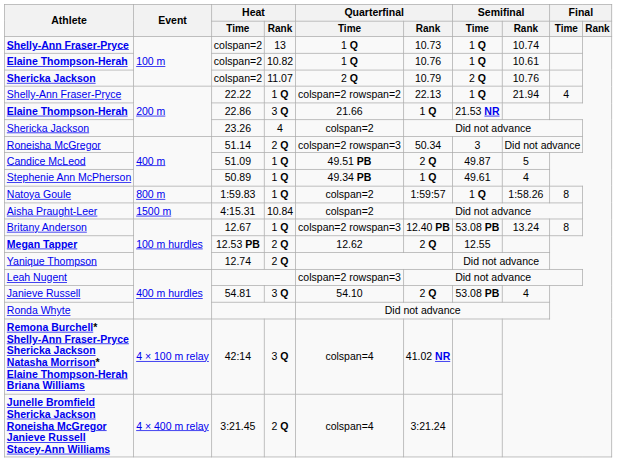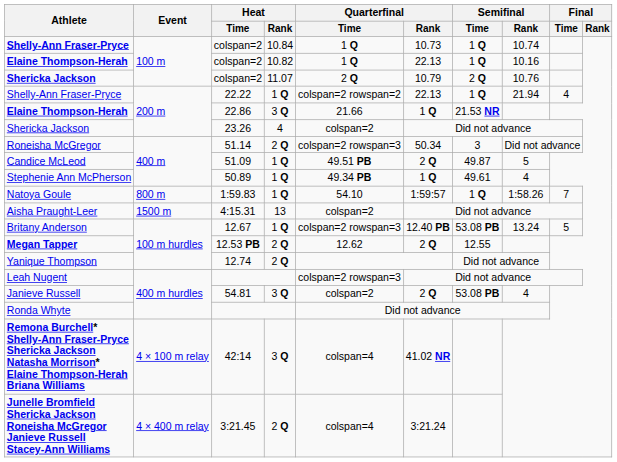 <table class=wikitable style=font-size:90%;text-align:center>
 <tr>
 <th rowspan=2>Athlete</th>
 <th rowspan=2>Event</th>
 <th colspan=2>Heat</th>
 <th colspan=2>Quarterfinal</th>
 <th colspan=2>Semifinal</th>
 <th colspan=2>Final</th>
 </tr>
 <tr style=font-size:95%>
 <th>Time</th>
 <th>Rank</th>
 <th>Time</th>
 <th>Rank</th>
 <th>Time</th>
 <th>Rank</th>
 <th>Time</th>
 <th>Rank</th>
 </tr>
 <tr>
 <td align=left><strong><a href='#'>Shelly-Ann Fraser-Pryce</a></strong></td>
 <td align=left rowspan=3><a href='#'>100 m</a></td>
 <td>colspan=2 </td>
-<td>13</td>
+<td>10.84</td>
 <td>1 <strong>Q</strong></td>
 <td>10.73</td>
 <td>1 <strong>Q</strong></td>
 <td>10.74</td>
 <td></td>
 </tr>
 <tr>
 <td align=left><strong><a href='#'>Elaine Thompson-Herah</a></strong></td>
 <td>colspan=2 </td>
 <td>10.82</td>
 <td>1 <strong>Q</strong></td>
-<td>10.76</td>
+<td>22.13</td>
 <td>1 <strong>Q</strong></td>
-<td>10.61 </td>
+<td>10.16 </td>
 <td></td>
 </tr>
 <tr>
 <td align=left><strong><a href='#'>Shericka Jackson</a></strong></td>
 <td>colspan=2 </td>
 <td>11.07</td>
 <td>2 <strong>Q</strong></td>
 <td>10.79</td>
 <td>2 <strong>Q</strong></td>
 <td>10.76</td>
 <td></td>
 </tr>
 <tr>
 <td align=left><a href='#'>Shelly-Ann Fraser-Pryce</a></td>
 <td align=left rowspan=3><a href='#'>200 m</a></td>
 <td>22.22</td>
 <td>1 <strong>Q</strong></td>
 <td>colspan=2 rowspan=2 </td>
 <td>22.13</td>
 <td>1 <strong>Q</strong></td>
 <td>21.94</td>
 <td>4</td>
 </tr>
 <tr>
 <td align=left><strong><a href='#'>Elaine Thompson-Herah</a></strong></td>
 <td>22.86</td>
 <td>3 <strong>Q</strong></td>
 <td>21.66</td>
 <td>1 <strong>Q</strong></td>
 <td>21.53 <strong><a href='#'>NR</a></strong></td>
 <td></td>
 </tr>
 <tr>
 <td align=left><a href='#'>Shericka Jackson</a></td>
 <td>23.26</td>
 <td>4</td>
 <td>colspan=2 </td>
 <td colspan=4>Did not advance</td>
 </tr>
 <tr>
 <td align=left><a href='#'>Roneisha McGregor</a></td>
 <td align=left rowspan=3><a href='#'>400 m</a></td>
 <td>51.14</td>
 <td>2 <strong>Q</strong></td>
 <td>colspan=2 rowspan=3 </td>
 <td>50.34</td>
 <td>3</td>
 <td colspan=2>Did not advance</td>
 </tr>
 <tr>
 <td align=left><a href='#'>Candice McLeod</a></td>
 <td>51.09</td>
 <td>1 <strong>Q</strong></td>
 <td>49.51 <strong>PB</strong></td>
 <td>2 <strong>Q</strong></td>
 <td>49.87</td>
 <td>5</td>
 </tr>
 <tr>
 <td align=left><a href='#'>Stephenie Ann McPherson</a></td>
 <td>50.89</td>
 <td>1 <strong>Q</strong></td>
 <td>49.34 <strong>PB</strong></td>
 <td>1 <strong>Q</strong></td>
 <td>49.61</td>
 <td>4</td>
 </tr>
 <tr>
 <td align=left><a href='#'>Natoya Goule</a></td>
 <td align=left><a href='#'>800 m</a></td>
 <td>1:59.83</td>
 <td>1 <strong>Q</strong></td>
-<td>colspan=2 </td>
+<td>54.10</td>
 <td>1:59:57</td>
 <td>1 <strong>Q</strong></td>
 <td>1:58.26</td>
-<td>8</td>
+<td>7</td>
 </tr>
 <tr>
 <td align=left><a href='#'>Aisha Praught-Leer</a></td>
 <td align=left><a href='#'>1500 m</a></td>
 <td>4:15.31</td>
-<td>10.84</td>
+<td>13</td>
 <td>colspan=2 </td>
 <td colspan=4>Did not advance</td>
 </tr>
 <tr>
 <td align=left><a href='#'>Britany Anderson</a></td>
 <td align=left rowspan=3><a href='#'>100 m hurdles</a></td>
 <td>12.67</td>
 <td>1 <strong>Q</strong></td>
 <td>colspan=2 rowspan=3 </td>
 <td>12.40 <strong>PB</strong></td>
 <td>53.08 <strong>PB</strong></td>
 <td>13.24</td>
-<td>8</td>
+<td>5</td>
 </tr>
 <tr>
 <td align=left><strong><a href='#'>Megan Tapper</a></strong></td>
 <td>12.53 <strong>PB</strong></td>
 <td>2 <strong>Q</strong></td>
 <td>12.62</td>
 <td>2 <strong>Q</strong></td>
 <td>12.55</td>
 <td></td>
 </tr>
 <tr>
 <td align=left><a href='#'>Yanique Thompson</a></td>
 <td>12.74</td>
 <td>2 <strong>Q</strong></td>
 <td colspan=2></td>
 <td colspan=2>Did not advance</td>
 </tr>
 <tr>
 <td align=left><a href='#'>Leah Nugent</a></td>
 <td align=left rowspan=3><a href='#'>400 m hurdles</a></td>
 <td colspan=2></td>
 <td>colspan=2 rowspan=3 </td>
 <td colspan=4>Did not advance</td>
 </tr>
 <tr>
 <td align=left><a href='#'>Janieve Russell</a></td>
 <td>54.81</td>
 <td>3 <strong>Q</strong></td>
-<td>54.10</td>
+<td>colspan=2 </td>
 <td>2 <strong>Q</strong></td>
 <td>53.08 <strong>PB</strong></td>
 <td>4</td>
 </tr>
 <tr>
 <td align=left><a href='#'>Ronda Whyte</a></td>
 <td colspan=2></td>
 <td colspan="4">Did not advance</td>
 </tr>
 <tr>
 <td align=left><strong><a href='#'>Remona Burchell</a>*<br><a href='#'>Shelly-Ann Fraser-Pryce</a><br><a href='#'>Shericka Jackson</a><br><a href='#'>Natasha Morrison</a>*<br><a href='#'>Elaine Thompson-Herah</a><br><a href='#'>Briana Williams</a></strong></td>
 <td align=left><a href='#'>4 × 100 m relay</a></td>
 <td>42:14</td>
 <td>3 <strong>Q</strong></td>
 <td>colspan=4 </td>
 <td>41.02 <strong><a href='#'>NR</a></strong></td>
 <td></td>
 </tr>
 <tr>
 <td align=left><strong><a href='#'>Junelle Bromfield</a><br><a href='#'>Shericka Jackson</a><br><a href='#'>Roneisha McGregor</a><br><a href='#'>Janieve Russell</a><br><a href='#'>Stacey-Ann Williams</a></strong></td>
 <td align=left><a href='#'>4 × 400 m relay</a></td>
 <td>3:21.45</td>
 <td>2 <strong>Q</strong></td>
 <td>colspan=4 </td>
 <td>3:21.24</td>
 <td></td>
 </tr>
 </table>
